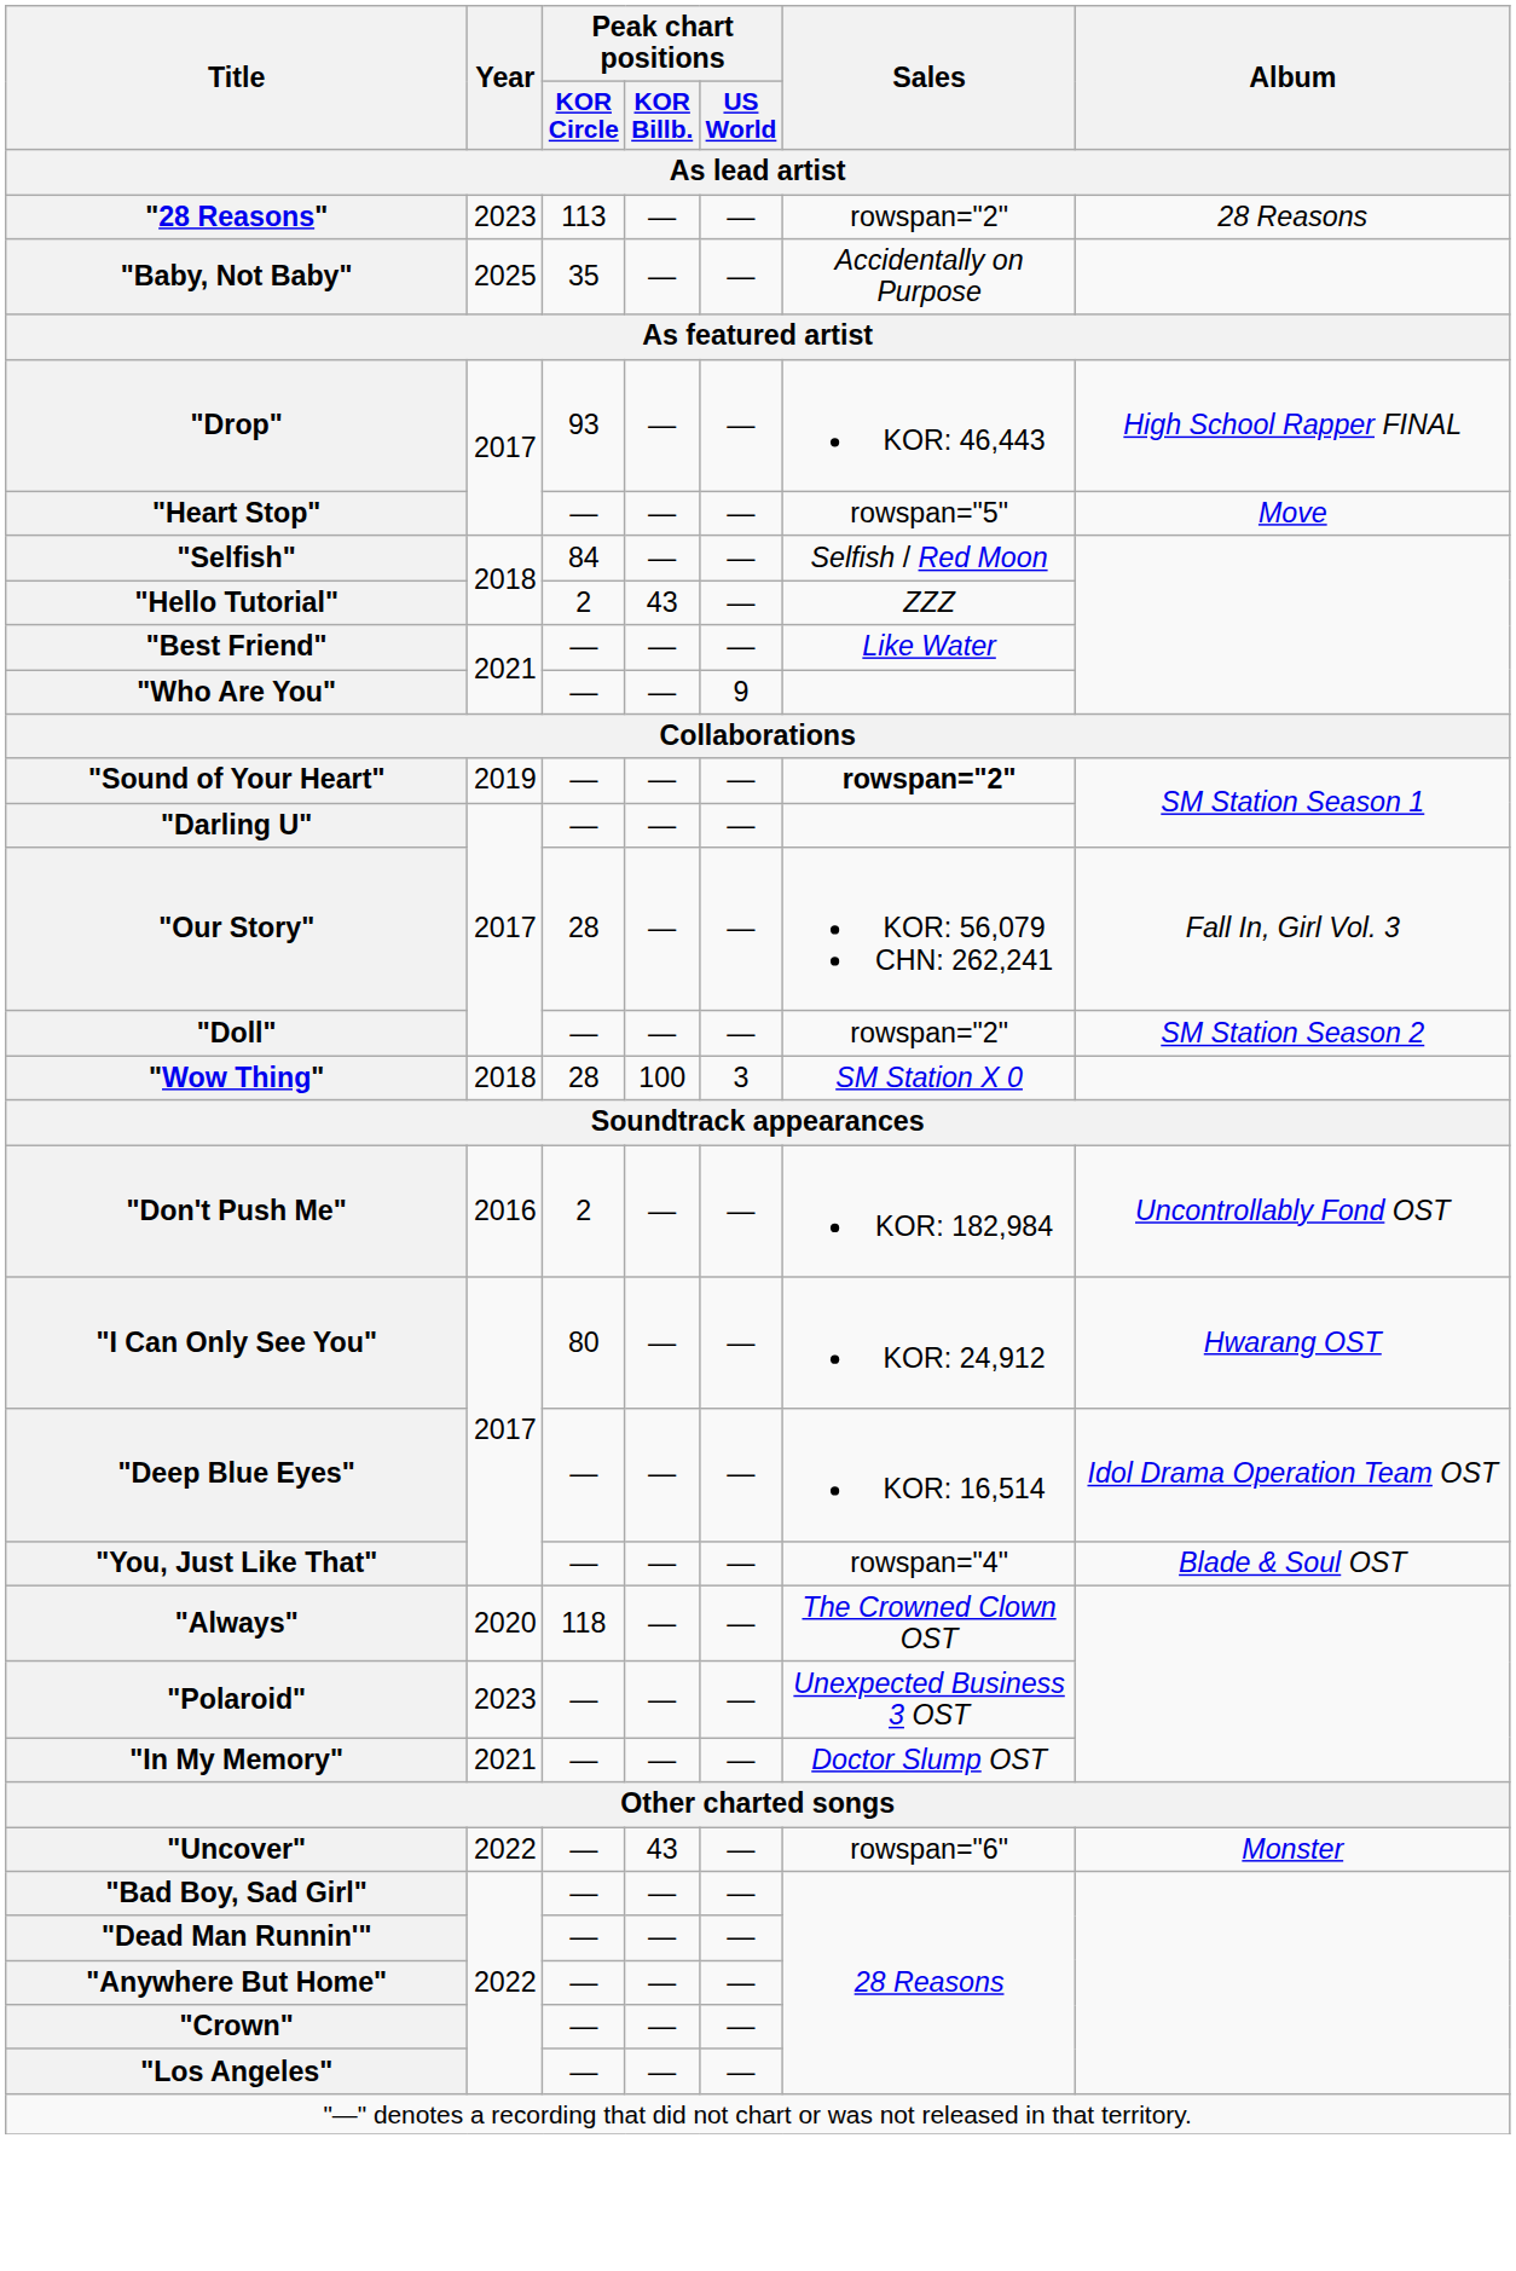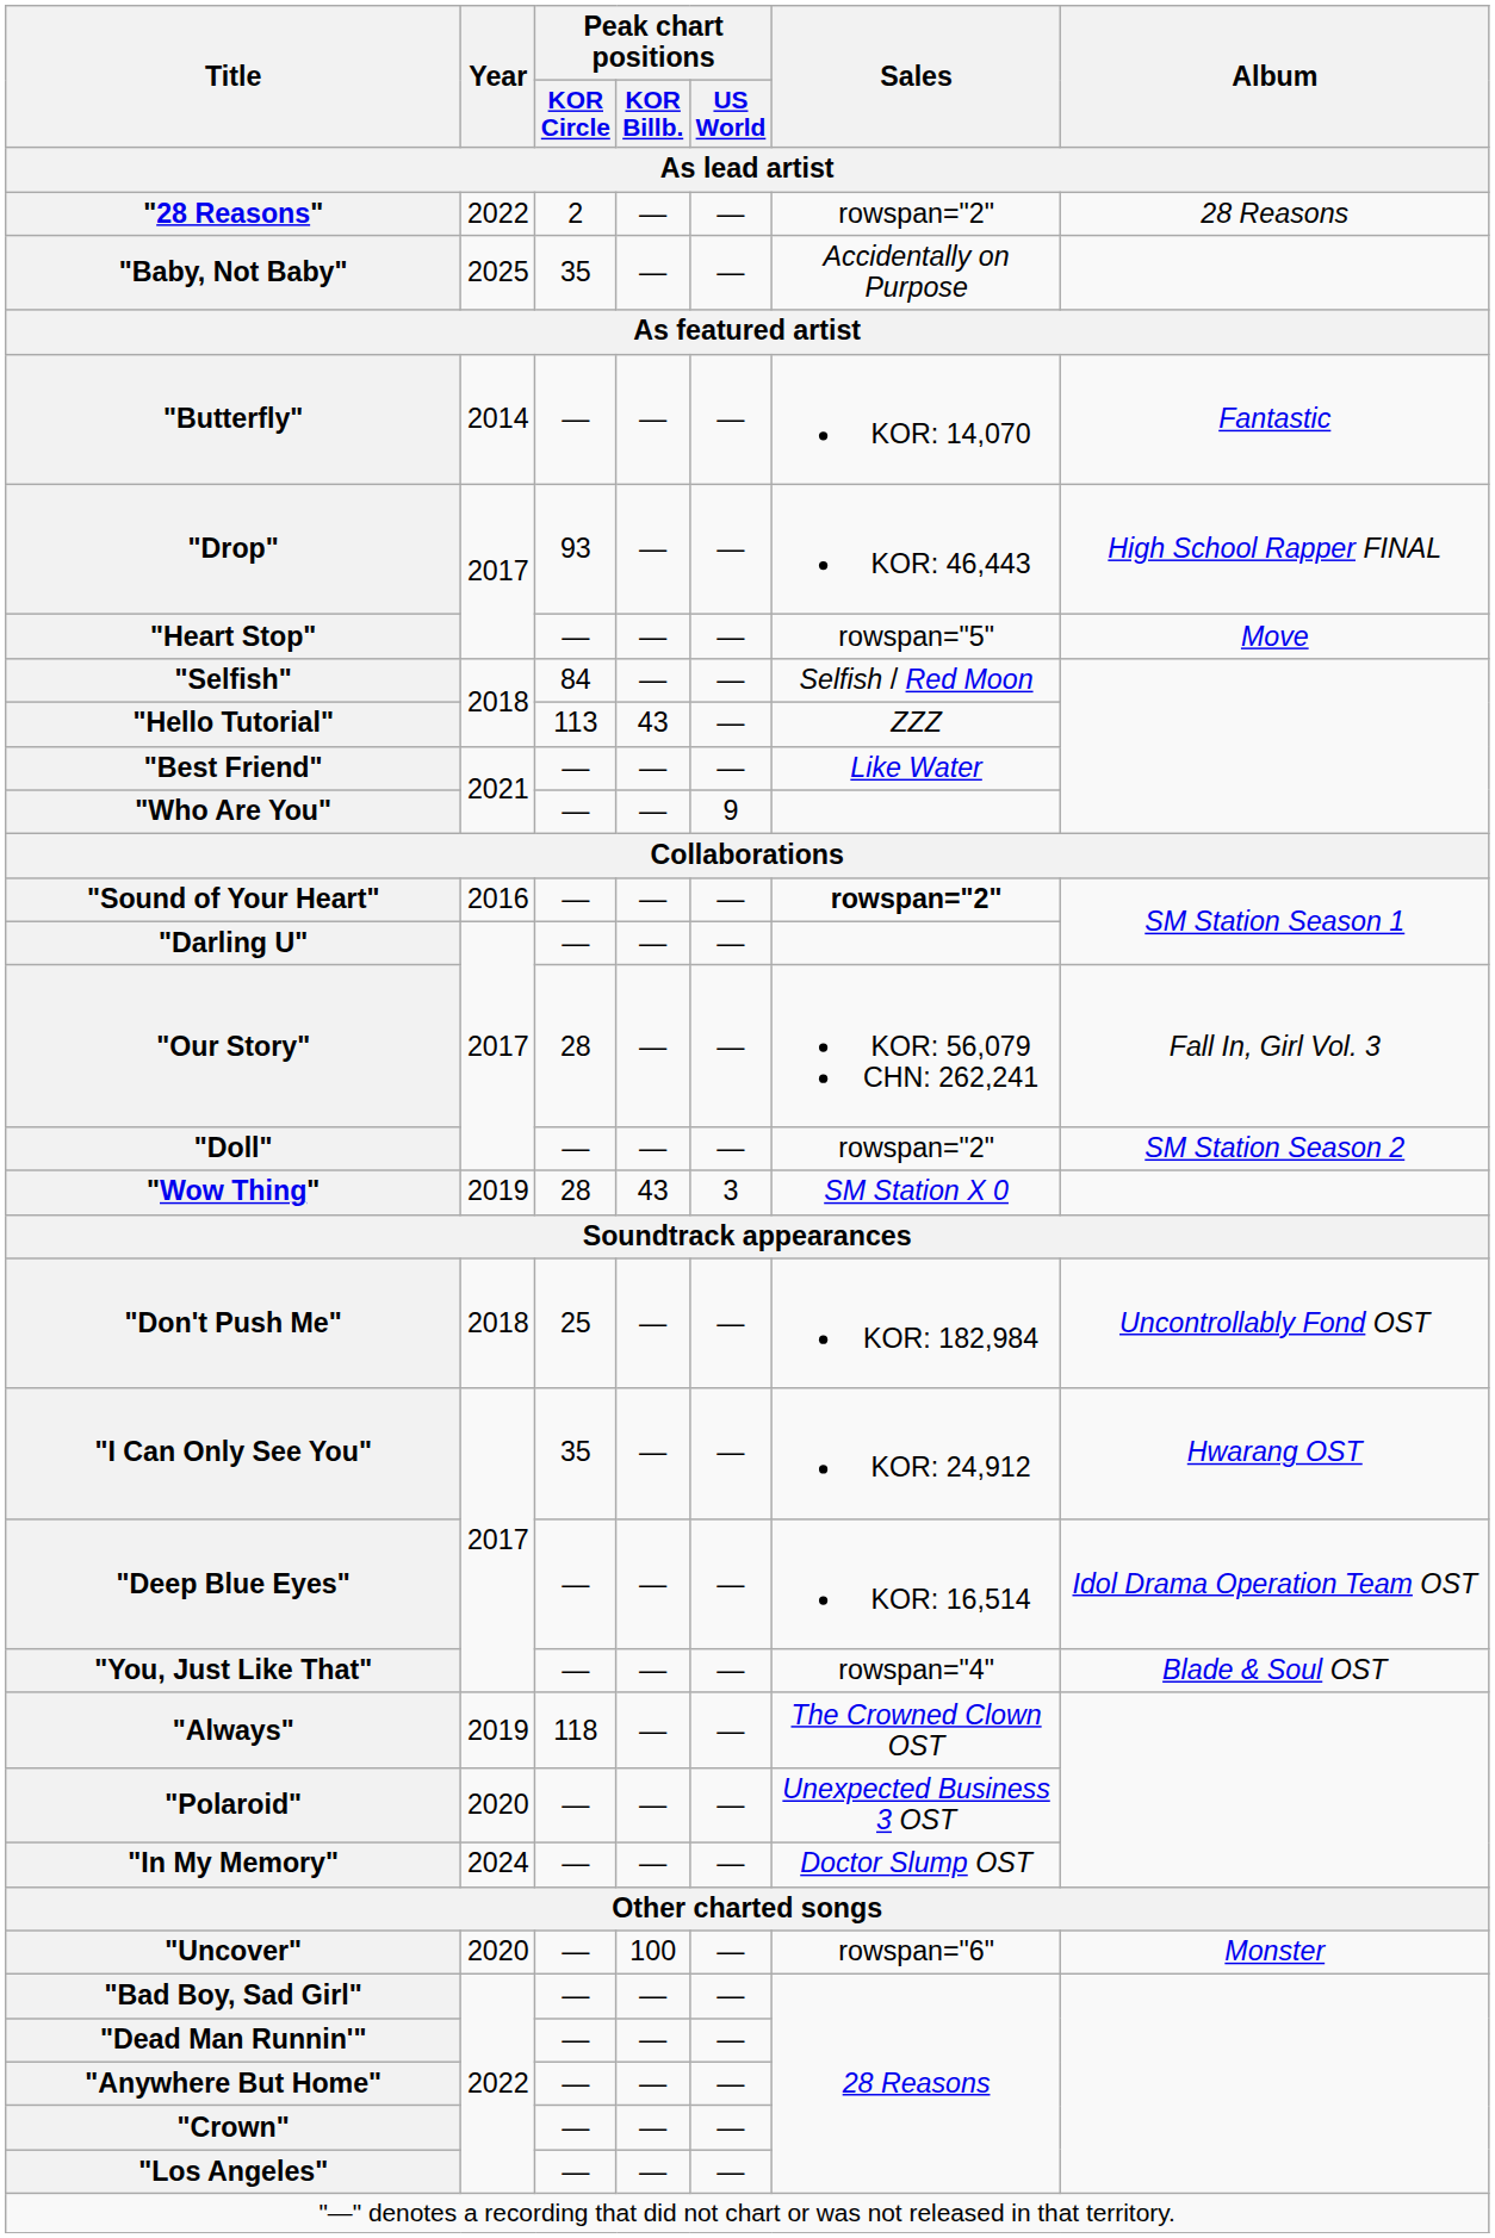 <table class="wikitable plainrowheaders" style="text-align:center">
 <tr>
 <th scope="col" rowspan="2" style="width:16em">Title</th>
 <th scope="col" rowspan="2" style="width:1em">Year</th>
 <th scope="col" colspan="3">Peak chart<br>positions</th>
 <th scope="col" rowspan="2" style="width:10em">Sales</th>
 <th scope="col" rowspan="2" style="width:15em">Album</th>
 </tr>
 <tr>
 <th scope="col" style="font-size:90%; width:2.5em"><a href='#'>KOR<br>Circle</a><br></th>
 <th scope="col" style="font-size:90%; width:2.5em"><a href='#'>KOR<br>Billb.</a><br></th>
 <th scope="col" style="font-size:90%; width:2.5em"><a href='#'>US<br>World</a><br></th>
 </tr>
 <tr>
 <th colspan="7">As lead artist</th>
 </tr>
 <tr>
 <th scope="row">"<a href='#'>28 Reasons</a>"</th>
-<td>2023</td>
-<td>113</td>
+<td>2022</td>
+<td>2</td>
 <td>—</td>
 <td>—</td>
 <td>rowspan="2" </td>
 <td><em>28 Reasons</em></td>
 </tr>
 <tr>
 <th scope="row">"Baby, Not Baby"</th>
 <td>2025</td>
 <td>35</td>
 <td>—</td>
 <td>—</td>
 <td><em>Accidentally on Purpose</em></td>
 </tr>
 <tr>
 <th colspan="7">As featured artist</th>
+</tr>
+<tr>
+<th scope="row">"Butterfly"<br></th>
+<td>2014</td>
+<td>—</td>
+<td>—</td>
+<td>—</td>
+<td><br><ul><li>KOR: 14,070</li></ul></td>
+<td><em><a href='#'>Fantastic</a></em></td>
 </tr>
 <tr>
 <th scope="row">"Drop"<br></th>
 <td rowspan="2">2017</td>
 <td>93</td>
 <td>—</td>
 <td>—</td>
 <td><br><ul><li>KOR: 46,443</li></ul></td>
 <td><em><a href='#'>High School Rapper</a> FINAL</em></td>
 </tr>
 <tr>
 <th scope="row">"Heart Stop"<br></th>
 <td>—</td>
 <td>—</td>
 <td>—</td>
 <td>rowspan="5" </td>
 <td><em><a href='#'>Move</a></em></td>
 </tr>
 <tr>
 <th scope="row">"Selfish"<br></th>
 <td rowspan="2">2018</td>
 <td>84</td>
 <td>—</td>
 <td>—</td>
 <td><em>Selfish</em> / <em><a href='#'>Red Moon</a></em></td>
 </tr>
 <tr>
 <th scope="row">"Hello Tutorial"<br></th>
-<td>2</td>
+<td>113</td>
 <td>43</td>
 <td>—</td>
 <td><em>ZZZ</em></td>
 </tr>
 <tr>
 <th scope="row">"Best Friend"<br></th>
 <td rowspan="2">2021</td>
 <td>—</td>
 <td>—</td>
 <td>—</td>
 <td><em><a href='#'>Like Water</a></em></td>
 </tr>
 <tr>
 <th scope="row">"Who Are You"<br> </th>
 <td>—</td>
 <td>—</td>
 <td>9</td>
 <td></td>
 </tr>
 <tr>
 <th colspan="7">Collaborations</th>
 </tr>
 <tr>
 <th scope="row">"Sound of Your Heart"<br></th>
-<td>2019</td>
+<td>2016</td>
 <td>—</td>
 <td>—</td>
 <td>—</td>
 <td><strong>rowspan="2" </strong></td>
 <td rowspan="2"><em><a href='#'>SM Station Season 1</a></em></td>
 </tr>
 <tr>
 <th scope="row">"Darling U" </th>
 <td rowspan="3">2017</td>
 <td>—</td>
 <td>—</td>
 <td>—</td>
 </tr>
 <tr>
 <th scope="row">"Our Story" </th>
 <td>28</td>
 <td>—</td>
 <td>—</td>
 <td><br><ul><li>KOR: 56,079</li><li>CHN: 262,241</li></ul></td>
 <td><em>Fall In, Girl Vol. 3</em></td>
 </tr>
 <tr>
 <th scope="row">"Doll" </th>
 <td>—</td>
 <td>—</td>
 <td>—</td>
 <td>rowspan="2" </td>
 <td><em><a href='#'>SM Station Season 2</a></em></td>
 </tr>
 <tr>
 <th scope="row">"<a href='#'>Wow Thing</a>"<br></th>
-<td>2018</td>
+<td>2019</td>
 <td>28</td>
-<td>100</td>
+<td>43</td>
 <td>3</td>
 <td><em><a href='#'>SM Station X 0</a></em></td>
 </tr>
 <tr>
 <th colspan="7">Soundtrack appearances</th>
 </tr>
 <tr>
 <th scope="row">"Don't Push Me" </th>
-<td>2016</td>
-<td>2</td>
+<td>2018</td>
+<td>25</td>
 <td>—</td>
 <td>—</td>
 <td><br><ul><li>KOR: 182,984</li></ul></td>
 <td><em><a href='#'>Uncontrollably Fond</a> OST</em></td>
 </tr>
 <tr>
 <th scope="row">"I Can Only See You" </th>
 <td rowspan="3">2017</td>
-<td>80</td>
+<td>35</td>
 <td>—</td>
 <td>—</td>
 <td><br><ul><li>KOR: 24,912</li></ul></td>
 <td><em><a href='#'>Hwarang OST</a></em></td>
 </tr>
 <tr>
 <th scope="row">"Deep Blue Eyes" </th>
 <td>—</td>
 <td>—</td>
 <td>—</td>
 <td><br><ul><li>KOR: 16,514</li></ul></td>
 <td><em><a href='#'>Idol Drama Operation Team</a> OST</em></td>
 </tr>
 <tr>
 <th scope="row">"You, Just Like That"</th>
 <td>—</td>
 <td>—</td>
 <td>—</td>
 <td>rowspan="4" </td>
 <td><em><a href='#'>Blade & Soul</a> OST</em></td>
 </tr>
 <tr>
 <th scope="row">"Always"</th>
-<td>2020</td>
+<td>2019</td>
 <td>118</td>
 <td>—</td>
 <td>—</td>
 <td><em><a href='#'>The Crowned Clown</a> OST</em></td>
 </tr>
 <tr>
 <th scope="row">"Polaroid"</th>
-<td>2023</td>
+<td>2020</td>
 <td>—</td>
 <td>—</td>
 <td>—</td>
 <td><em><a href='#'>Unexpected Business 3</a> OST</em></td>
 </tr>
 <tr>
 <th scope="row">"In My Memory"</th>
-<td>2021</td>
+<td>2024</td>
 <td>—</td>
 <td>—</td>
 <td>—</td>
 <td><em><a href='#'>Doctor Slump</a> OST</em></td>
 </tr>
 <tr>
 <th colspan="7">Other charted songs</th>
 </tr>
 <tr>
 <th scope="row">"Uncover"</th>
-<td>2022</td>
+<td>2020</td>
 <td>—</td>
-<td>43</td>
+<td>100</td>
 <td>—</td>
 <td>rowspan="6" </td>
 <td><em><a href='#'>Monster</a> </em></td>
 </tr>
 <tr>
 <th scope="row">"Bad Boy, Sad Girl" </th>
 <td rowspan="5">2022</td>
 <td>—</td>
 <td>—</td>
 <td>—</td>
 <td rowspan="5"><em><a href='#'>28 Reasons</a></em></td>
 </tr>
 <tr>
 <th scope="row">"Dead Man Runnin'"</th>
 <td>—</td>
 <td>—</td>
 <td>—</td>
 </tr>
 <tr>
 <th scope="row">"Anywhere But Home"</th>
 <td>—</td>
 <td>—</td>
 <td>—</td>
 </tr>
 <tr>
 <th scope="row">"Crown"</th>
 <td>—</td>
 <td>—</td>
 <td>—</td>
 </tr>
 <tr>
 <th scope="row">"Los Angeles"</th>
 <td>—</td>
 <td>—</td>
 <td>—</td>
 </tr>
 <tr>
 <td colspan="7" style="font-size:90%">"—" denotes a recording that did not chart or was not released in that territory.</td>
 </tr>
 </table>
